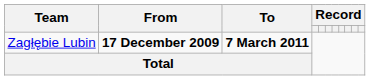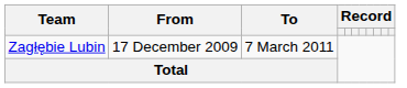 <table class="wikitable" style="text-align: center;">
 <tr>
 <th rowspan="2">Team</th>
 <th rowspan="2">From</th>
 <th rowspan="2">To</th>
 <th colspan="8">Record</th>
 </tr>
 <tr>
 <th></th>
 <th></th>
 <th></th>
 <th></th>
 <th></th>
 <th></th>
 <th></th>
 <th></th>
 </tr>
 <tr>
 <td align=left><a href='#'>Zagłębie Lubin</a></td>
-<td align=left><strong>17 December 2009</strong></td>
-<td align=left><strong>7 March 2011<br></strong></td>
+<td align=left>17 December 2009</td>
+<td align=left>7 March 2011<br></td>
 </tr>
 <tr>
 <th colspan="3">Total<br></th>
 </tr>
 </table>
